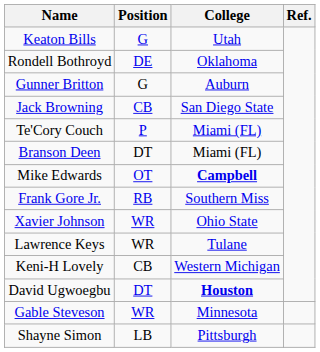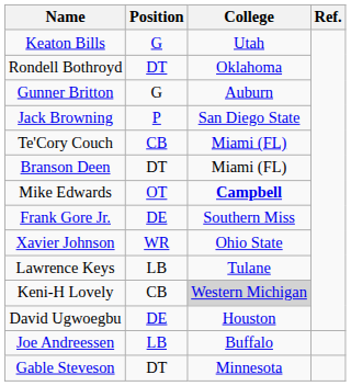 <table class="wikitable" style="text-align:center">
 <tr>
 <th>Name</th>
 <th>Position</th>
 <th>College</th>
 <th>Ref.</th>
 </tr>
 <tr>
 <td><a href='#'>Keaton Bills</a></td>
 <td><a href='#'>G</a></td>
 <td><a href='#'>Utah</a></td>
 <td rowspan="12"></td>
 </tr>
 <tr>
 <td>Rondell Bothroyd</td>
-<td><a href='#'>DE</a></td>
+<td><a href='#'>DT</a></td>
 <td><a href='#'>Oklahoma</a></td>
 </tr>
 <tr>
 <td><a href='#'>Gunner Britton</a></td>
 <td>G</td>
 <td><a href='#'>Auburn</a></td>
 </tr>
 <tr>
 <td><a href='#'>Jack Browning</a></td>
-<td><a href='#'>CB</a></td>
+<td><a href='#'>P</a></td>
 <td><a href='#'>San Diego State</a></td>
 </tr>
 <tr>
 <td>Te'Cory Couch</td>
-<td><a href='#'>P</a></td>
+<td><a href='#'>CB</a></td>
 <td><a href='#'>Miami (FL)</a></td>
 </tr>
 <tr>
 <td><a href='#'>Branson Deen</a></td>
 <td>DT</td>
 <td>Miami (FL)</td>
 </tr>
 <tr>
 <td>Mike Edwards</td>
 <td><a href='#'>OT</a></td>
 <td><strong><a href='#'>Campbell</a></strong></td>
 </tr>
 <tr>
 <td><a href='#'>Frank Gore Jr.</a></td>
-<td><a href='#'>RB</a></td>
+<td><a href='#'>DE</a></td>
 <td><a href='#'>Southern Miss</a></td>
 </tr>
 <tr>
 <td><a href='#'>Xavier Johnson</a></td>
 <td><a href='#'>WR</a></td>
 <td><a href='#'>Ohio State</a></td>
 </tr>
 <tr>
 <td>Lawrence Keys</td>
-<td>WR</td>
+<td>LB</td>
 <td><a href='#'>Tulane</a></td>
 </tr>
 <tr>
 <td>Keni-H Lovely</td>
 <td>CB</td>
-<td><a href='#'>Western Michigan</a></td>
+<td style="background: lightgrey;"><a href='#'>Western Michigan</a></td>
 </tr>
 <tr>
 <td>David Ugwoegbu</td>
-<td><a href='#'>DT</a></td>
-<td><strong><a href='#'>Houston</a></strong></td>
+<td><a href='#'>DE</a></td>
+<td><a href='#'>Houston</a></td>
+</tr>
+<tr>
+<td><a href='#'>Joe Andreessen</a></td>
+<td><a href='#'>LB</a></td>
+<td><a href='#'>Buffalo</a></td>
+<td></td>
 </tr>
 <tr>
 <td><a href='#'>Gable Steveson</a></td>
-<td><a href='#'>WR</a></td>
+<td>DT</td>
 <td><a href='#'>Minnesota</a></td>
 <td></td>
 </tr>
-<tr>
-<td>Shayne Simon</td>
-<td>LB</td>
-<td><a href='#'>Pittsburgh</a></td>
-<td></td>
-</tr>
 </table>
